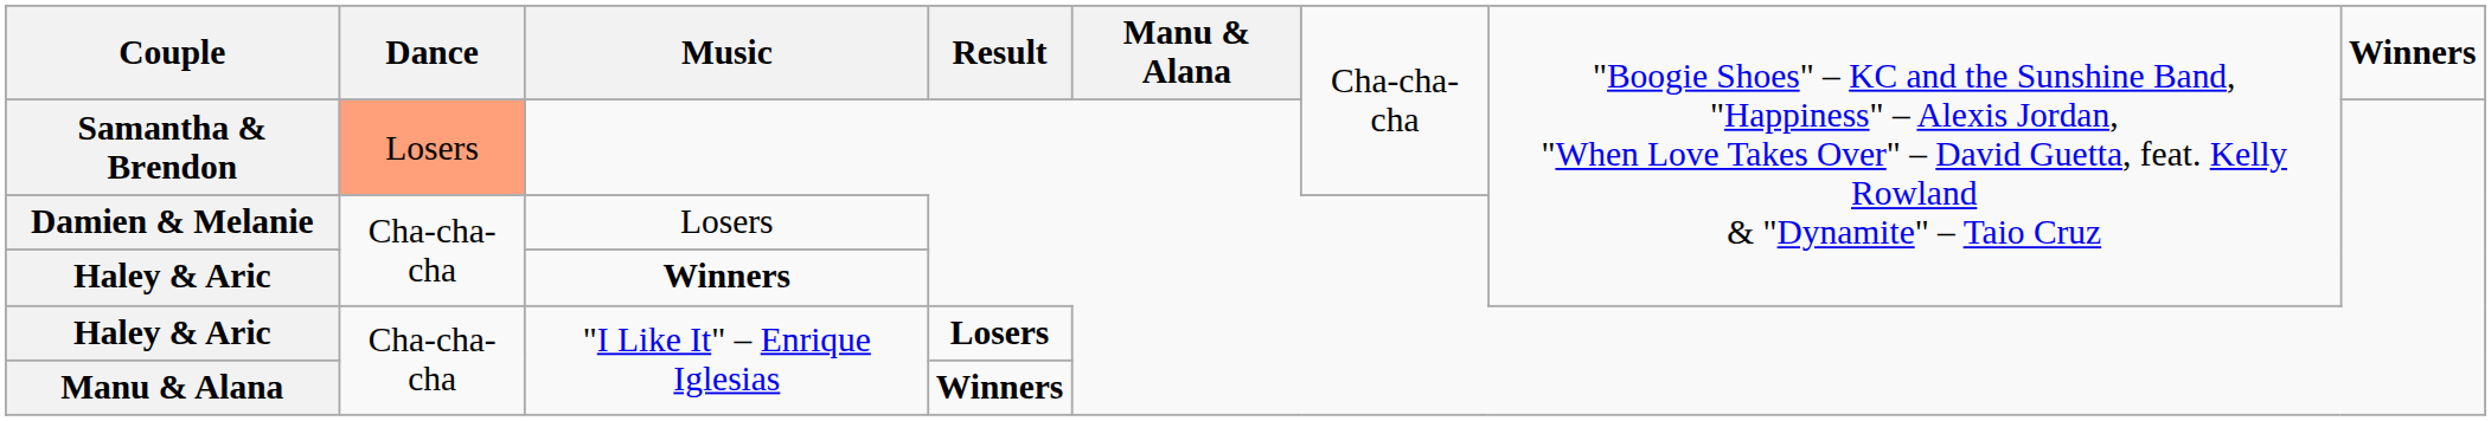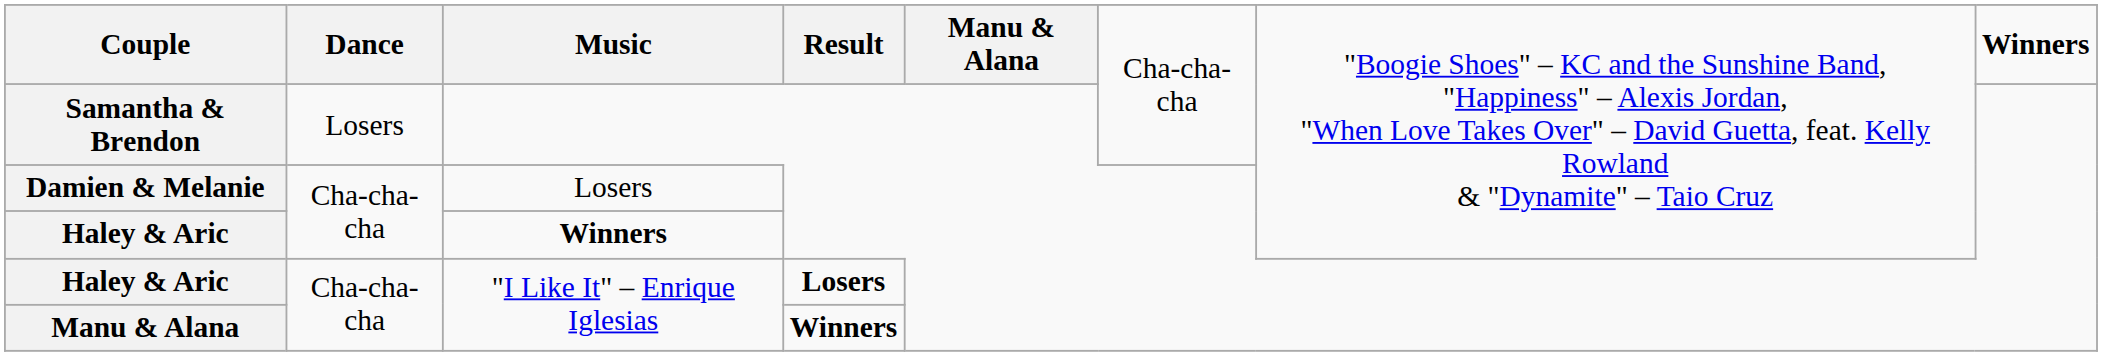 <table class="wikitable unsortable" style="text-align:center; width: 90%">
 <tr>
 <th scope="col">Couple</th>
 <th scope="col">Dance</th>
 <th scope="col">Music</th>
 <th scope="col">Result</th>
 <th scope="row">Manu & Alana</th>
 <td rowspan="2">Cha-cha-cha</td>
 <td rowspan="4">"<a href='#'>Boogie Shoes</a>" – <a href='#'>KC and the Sunshine Band</a>,<br>"<a href='#'>Happiness</a>" – <a href='#'>Alexis Jordan</a>,<br>"<a href='#'>When Love Takes Over</a>" – <a href='#'>David Guetta</a>, feat. <a href='#'>Kelly Rowland</a><br>& "<a href='#'>Dynamite</a>" – <a href='#'>Taio Cruz</a></td>
 <td><strong>Winners</strong></td>
 </tr>
 <tr>
 <th scope="row">Samantha & Brеndоn</th>
-<td style="background: lightsalmon;">Losers</td>
+<td>Losers</td>
 </tr>
 <tr>
 <th scope="row">Damien & Melanie</th>
 <td rowspan="2">Cha-cha-cha</td>
 <td>Losers</td>
 </tr>
 <tr>
 <th scope="row">Haley & Aric</th>
 <td><strong>Winners</strong></td>
 </tr>
 <tr>
 <th scope="row">Haley & Aric</th>
 <td rowspan="2">Cha-cha-cha</td>
 <td rowspan="2">"<a href='#'>I Like It</a>" – <a href='#'>Enrique Iglesias</a></td>
 <td><strong>Losers</strong></td>
 </tr>
 <tr>
 <th scope="row">Manu & Alana</th>
 <td><strong>Winners</strong></td>
 </tr>
 </table>
